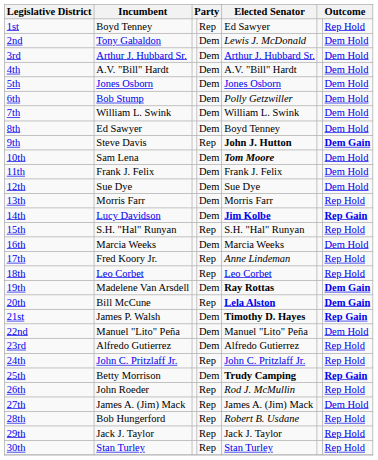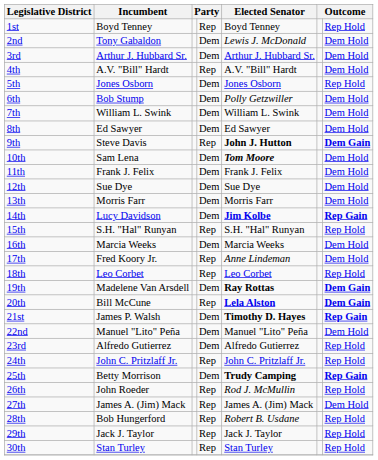 <table class="sortable wikitable" style="font-size:95%;line-height:14px;">
 <tr>
 <th>Legislative District</th>
 <th>Incumbent</th>
 <th colspan="2">Party</th>
 <th>Elected Senator</th>
 <th colspan="2">Outcome</th>
 </tr>
 <tr>
 <td><a href='#'>1st</a></td>
 <td>Boyd Tenney</td>
 <td style="background:"></td>
 <td>Rep</td>
-<td>Ed Sawyer</td>
+<td>Boyd Tenney</td>
 <td style="background:"></td>
 <td><a href='#'>Rep Hold</a></td>
 </tr>
 <tr>
 <td><a href='#'>2nd</a></td>
 <td><a href='#'>Tony Gabaldon</a></td>
 <td style="background:"></td>
 <td>Dem</td>
 <td><em>Lewis J. McDonald</em></td>
 <td style="background:"></td>
 <td><a href='#'>Dem Hold</a></td>
 </tr>
 <tr>
 <td><a href='#'>3rd</a></td>
 <td><a href='#'>Arthur J. Hubbard Sr.</a></td>
 <td style="background:"></td>
 <td>Dem</td>
 <td><a href='#'>Arthur J. Hubbard Sr.</a></td>
 <td style="background:"></td>
 <td><a href='#'>Dem Hold</a></td>
 </tr>
 <tr>
 <td><a href='#'>4th</a></td>
 <td>A.V. "Bill" Hardt</td>
 <td style="background:"></td>
-<td>Dem</td>
+<td>Rep</td>
 <td>A.V. "Bill" Hardt</td>
 <td style="background:"></td>
 <td><a href='#'>Dem Hold</a></td>
 </tr>
 <tr>
 <td><a href='#'>5th</a></td>
 <td><a href='#'>Jones Osborn</a></td>
 <td style="background:"></td>
 <td>Dem</td>
 <td><a href='#'>Jones Osborn</a></td>
 <td style="background:"></td>
-<td><a href='#'>Dem Hold</a></td>
+<td><a href='#'>Rep Hold</a></td>
 </tr>
 <tr>
 <td><a href='#'>6th</a></td>
 <td><a href='#'>Bob Stump</a></td>
 <td style="background:"></td>
 <td>Dem</td>
 <td><em>Polly Getzwiller</em></td>
 <td style="background:"></td>
 <td><a href='#'>Dem Hold</a></td>
 </tr>
 <tr>
 <td><a href='#'>7th</a></td>
 <td>William L. Swink</td>
 <td style="background:"></td>
 <td>Dem</td>
 <td>William L. Swink</td>
 <td style="background:"></td>
 <td><a href='#'>Dem Hold</a></td>
 </tr>
 <tr>
 <td><a href='#'>8th</a></td>
 <td>Ed Sawyer</td>
 <td style="background:"></td>
 <td>Dem</td>
-<td>Boyd Tenney</td>
+<td>Ed Sawyer</td>
 <td style="background:"></td>
 <td><a href='#'>Dem Hold</a></td>
 </tr>
 <tr>
 <td><a href='#'>9th</a></td>
 <td>Steve Davis</td>
 <td style="background:"></td>
 <td>Rep</td>
 <td><strong>John J. Hutton</strong></td>
 <td style="background:"></td>
 <td><strong><a href='#'>Dem Gain</a></strong></td>
 </tr>
 <tr>
 <td><a href='#'>10th</a></td>
 <td>Sam Lena</td>
 <td style="background:"></td>
 <td>Dem</td>
 <td><strong><em>Tom Moore</em></strong></td>
 <td style="background:"></td>
 <td><a href='#'>Dem Hold</a></td>
 </tr>
 <tr>
 <td><a href='#'>11th</a></td>
 <td>Frank J. Felix</td>
 <td style="background:"></td>
 <td>Dem</td>
 <td>Frank J. Felix</td>
 <td style="background:"></td>
 <td><a href='#'>Dem Hold</a></td>
 </tr>
 <tr>
 <td><a href='#'>12th</a></td>
 <td>Sue Dye</td>
 <td style="background:"></td>
 <td>Dem</td>
 <td>Sue Dye</td>
 <td style="background:"></td>
 <td><a href='#'>Dem Hold</a></td>
 </tr>
 <tr>
 <td><a href='#'>13th</a></td>
 <td>Morris Farr</td>
 <td style="background:"></td>
 <td>Dem</td>
 <td>Morris Farr</td>
 <td style="background:"></td>
-<td><a href='#'>Rep Hold</a></td>
+<td><a href='#'>Dem Hold</a></td>
 </tr>
 <tr>
 <td><a href='#'>14th</a></td>
 <td><a href='#'>Lucy Davidson</a></td>
 <td style="background:"></td>
 <td>Dem</td>
 <td><strong><a href='#'>Jim Kolbe</a></strong></td>
 <td style="background:"></td>
 <td><strong><a href='#'>Rep Gain</a></strong></td>
 </tr>
 <tr>
 <td><a href='#'>15th</a></td>
 <td>S.H. "Hal" Runyan</td>
 <td style="background:"></td>
 <td>Rep</td>
 <td>S.H. "Hal" Runyan</td>
 <td style="background:"></td>
 <td><a href='#'>Rep Hold</a></td>
 </tr>
 <tr>
 <td><a href='#'>16th</a></td>
 <td>Marcia Weeks</td>
 <td style="background:"></td>
 <td>Dem</td>
 <td>Marcia Weeks</td>
 <td style="background:"></td>
 <td><a href='#'>Dem Hold</a></td>
 </tr>
 <tr>
 <td><a href='#'>17th</a></td>
 <td>Fred Koory Jr.</td>
 <td style="background:"></td>
 <td>Rep</td>
 <td><em>Anne Lindeman</em></td>
 <td style="background:"></td>
-<td><a href='#'>Rep Hold</a></td>
+<td><a href='#'>Dem Hold</a></td>
 </tr>
 <tr>
 <td><a href='#'>18th</a></td>
 <td><a href='#'>Leo Corbet</a></td>
 <td style="background:"></td>
 <td>Rep</td>
 <td><a href='#'>Leo Corbet</a></td>
 <td style="background:"></td>
 <td><a href='#'>Rep Hold</a></td>
 </tr>
 <tr>
 <td><a href='#'>19th</a></td>
 <td>Madelene Van Arsdell</td>
 <td style="background:"></td>
 <td>Dem</td>
 <td><strong>Ray Rottas</strong></td>
 <td style="background:"></td>
 <td><strong><a href='#'>Dem Gain</a></strong></td>
 </tr>
 <tr>
 <td><a href='#'>20th</a></td>
 <td>Bill McCune</td>
 <td style="background:"></td>
 <td>Rep</td>
 <td><strong><a href='#'>Lela Alston</a></strong></td>
 <td style="background:"></td>
 <td><strong><a href='#'>Dem Gain</a></strong></td>
 </tr>
 <tr>
 <td><a href='#'>21st</a></td>
 <td>James P. Walsh</td>
 <td style="background:"></td>
 <td>Dem</td>
 <td><strong>Timothy D. Hayes</strong></td>
 <td style="background:"></td>
 <td><strong><a href='#'>Rep Gain</a></strong></td>
 </tr>
 <tr>
 <td><a href='#'>22nd</a></td>
 <td>Manuel "Lito" Peña</td>
 <td style="background:"></td>
 <td>Dem</td>
 <td>Manuel "Lito" Peña</td>
 <td style="background:"></td>
 <td><a href='#'>Dem Hold</a></td>
 </tr>
 <tr>
 <td><a href='#'>23rd</a></td>
 <td>Alfredo Gutierrez</td>
 <td style="background:"></td>
 <td>Dem</td>
 <td>Alfredo Gutierrez</td>
 <td style="background:"></td>
 <td><a href='#'>Rep Hold</a></td>
 </tr>
 <tr>
 <td><a href='#'>24th</a></td>
 <td><a href='#'>John C. Pritzlaff Jr.</a></td>
 <td style="background:"></td>
 <td>Rep</td>
 <td><a href='#'>John C. Pritzlaff Jr.</a></td>
 <td style="background:"></td>
 <td><a href='#'>Rep Hold</a></td>
 </tr>
 <tr>
 <td><a href='#'>25th</a></td>
 <td>Betty Morrison</td>
 <td style="background:"></td>
 <td>Dem</td>
 <td><strong>Trudy Camping</strong></td>
 <td style="background:"></td>
 <td><strong><a href='#'>Rep Gain</a></strong></td>
 </tr>
 <tr>
 <td><a href='#'>26th</a></td>
 <td>John Roeder</td>
 <td style="background:"></td>
 <td>Rep</td>
 <td><em>Rod J. McMullin</em></td>
 <td style="background:"></td>
 <td><a href='#'>Rep Hold</a></td>
 </tr>
 <tr>
 <td><a href='#'>27th</a></td>
 <td>James A. (Jim) Mack</td>
 <td style="background:"></td>
 <td>Rep</td>
 <td>James A. (Jim) Mack</td>
 <td style="background:"></td>
 <td><a href='#'>Dem Hold</a></td>
 </tr>
 <tr>
 <td><a href='#'>28th</a></td>
 <td>Bob Hungerford</td>
 <td style="background:"></td>
 <td>Rep</td>
 <td><em>Robert B. Usdane</em></td>
 <td style="background:"></td>
 <td><a href='#'>Rep Hold</a></td>
 </tr>
 <tr>
 <td><a href='#'>29th</a></td>
 <td>Jack J. Taylor</td>
 <td style="background:"></td>
 <td>Rep</td>
 <td>Jack J. Taylor</td>
 <td style="background:"></td>
 <td><a href='#'>Rep Hold</a></td>
 </tr>
 <tr>
 <td><a href='#'>30th</a></td>
 <td><a href='#'>Stan Turley</a></td>
 <td style="background:"></td>
 <td>Rep</td>
 <td><a href='#'>Stan Turley</a></td>
 <td style="background:"></td>
 <td><a href='#'>Rep Hold</a></td>
 </tr>
 <tr>
 </tr>
 </table>
